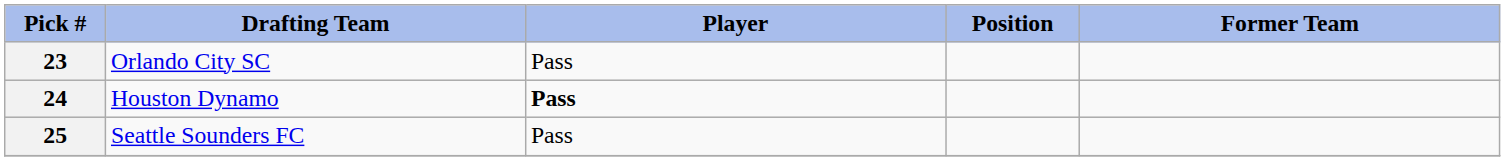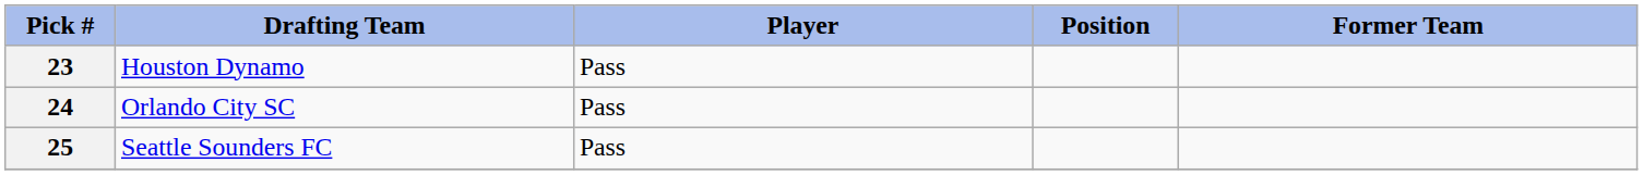 <table class="wikitable sortable" style="width: 80%">
 <tr>
 <th style="background:#A8BDEC;" width=6%>Pick #</th>
 <th width=25% style="background:#A8BDEC;">Drafting Team</th>
 <th width=25% style="background:#A8BDEC;">Player</th>
 <th width=8% style="background:#A8BDEC;">Position</th>
 <th width=25% style="background:#A8BDEC;">Former Team</th>
 </tr>
 <tr>
 <th>23</th>
-<td><a href='#'>Orlando City SC</a></td>
+<td><a href='#'>Houston Dynamo</a></td>
 <td>Pass</td>
 <td></td>
 <td></td>
 </tr>
 <tr>
 <th>24</th>
-<td><a href='#'>Houston Dynamo</a></td>
-<td><strong>Pass</strong></td>
+<td><a href='#'>Orlando City SC</a></td>
+<td>Pass</td>
 <td></td>
 <td></td>
 </tr>
 <tr>
 <th>25</th>
 <td><a href='#'>Seattle Sounders FC</a></td>
 <td>Pass</td>
 <td></td>
 <td></td>
 </tr>
 <tr>
 </tr>
 </table>
